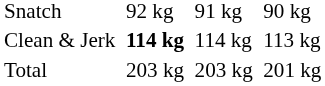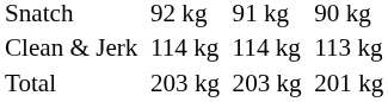 <table>
 <tr>
 <td>Snatch</td>
 <td></td>
 <td>92 kg</td>
 <td></td>
 <td>91 kg</td>
 <td></td>
 <td>90 kg</td>
 </tr>
 <tr>
 <td>Clean & Jerk</td>
 <td></td>
-<td><strong>114 kg</strong></td>
+<td>114 kg</td>
 <td></td>
 <td>114 kg</td>
 <td></td>
 <td>113 kg</td>
 </tr>
 <tr>
 <td>Total</td>
 <td></td>
 <td>203 kg</td>
 <td></td>
 <td>203 kg</td>
 <td></td>
 <td>201 kg</td>
 </tr>
 </table>
